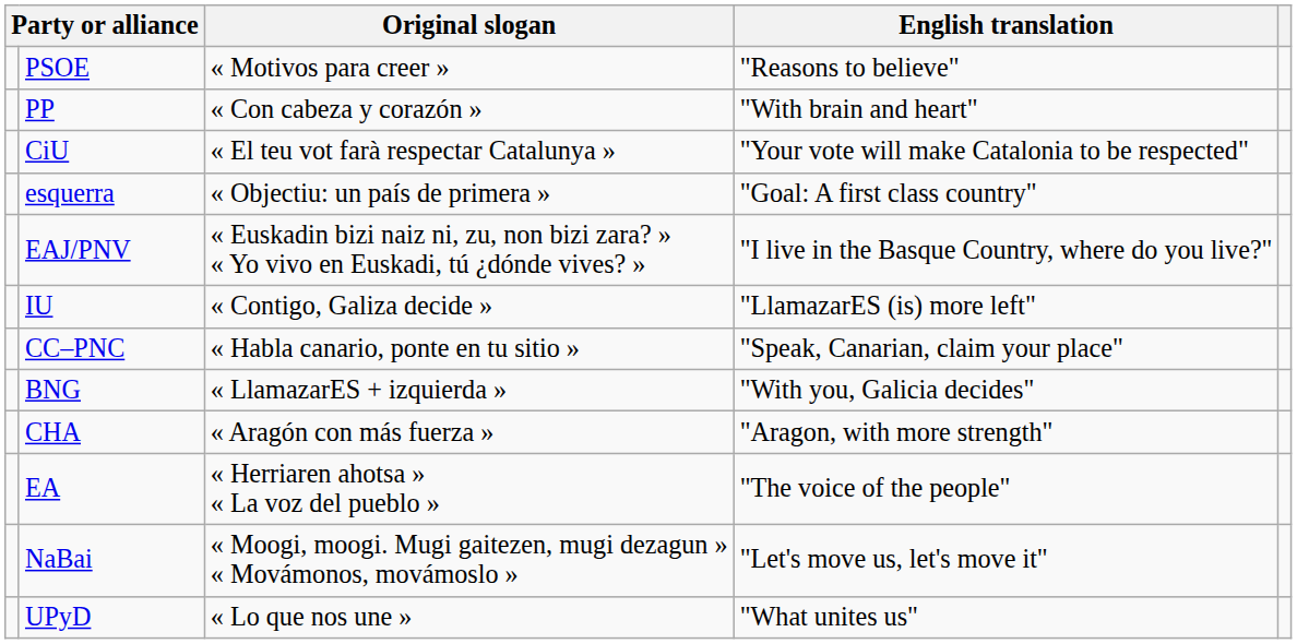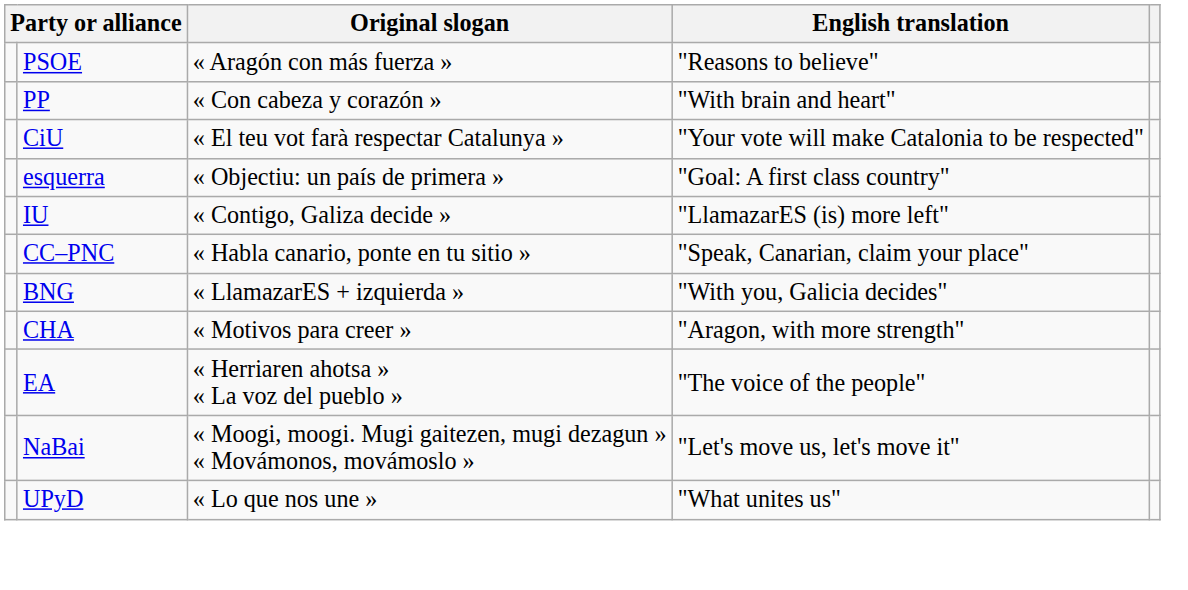 <table class="wikitable" style="text-align:left;">
 <tr>
 <th style="text-align:left;" colspan="2">Party or alliance</th>
 <th>Original slogan</th>
 <th>English translation</th>
 <th></th>
 </tr>
 <tr>
 <td width="1" style="color:inherit;background:"></td>
 <td><a href='#'>PSOE</a></td>
-<td>« Motivos para creer »</td>
+<td>« Aragón con más fuerza »</td>
 <td>"Reasons to believe"</td>
 <td></td>
 </tr>
 <tr>
 <td style="color:inherit;background:"></td>
 <td><a href='#'>PP</a></td>
 <td>« Con cabeza y corazón »</td>
 <td>"With brain and heart"</td>
 <td></td>
 </tr>
 <tr>
 <td style="color:inherit;background:"></td>
 <td><a href='#'>CiU</a></td>
 <td>« El teu vot farà respectar Catalunya »</td>
 <td>"Your vote will make Catalonia to be respected"</td>
 <td></td>
 </tr>
 <tr>
 <td style="color:inherit;background:"></td>
 <td><a href='#'>esquerra</a></td>
 <td>« Objectiu: un país de primera »</td>
 <td>"Goal: A first class country"</td>
 <td></td>
 </tr>
 <tr>
 <td style="color:inherit;background:"></td>
-<td><a href='#'>EAJ/PNV</a></td>
-<td>« Euskadin bizi naiz ni, zu, non bizi zara? »<br>« Yo vivo en Euskadi, tú ¿dónde vives? »</td>
-<td>"I live in the Basque Country, where do you live?"</td>
-<td></td>
-</tr>
-<tr>
-<td style="color:inherit;background:"></td>
 <td><a href='#'>IU</a></td>
 <td>« Contigo, Galiza decide »</td>
 <td>"LlamazarES (is) more left"</td>
 <td></td>
 </tr>
 <tr>
 <td style="color:inherit;background:"></td>
 <td><a href='#'>CC–PNC</a></td>
 <td>« Habla canario, ponte en tu sitio »</td>
 <td>"Speak, Canarian, claim your place"</td>
 <td></td>
 </tr>
 <tr>
 <td style="color:inherit;background:"></td>
 <td><a href='#'>BNG</a></td>
 <td>« LlamazarES + izquierda »</td>
 <td>"With you, Galicia decides"</td>
 <td></td>
 </tr>
 <tr>
 <td style="color:inherit;background:"></td>
 <td><a href='#'>CHA</a></td>
-<td>« Aragón con más fuerza »</td>
+<td>« Motivos para creer »</td>
 <td>"Aragon, with more strength"</td>
 <td></td>
 </tr>
 <tr>
 <td style="color:inherit;background:"></td>
 <td><a href='#'>EA</a></td>
 <td>« Herriaren ahotsa »<br>« La voz del pueblo »</td>
 <td>"The voice of the people"</td>
 <td></td>
 </tr>
 <tr>
 <td style="color:inherit;background:"></td>
 <td><a href='#'>NaBai</a></td>
 <td>« Moogi, moogi. Mugi gaitezen, mugi dezagun »<br>« Movámonos, movámoslo »</td>
 <td>"Let's move us, let's move it"</td>
 <td></td>
 </tr>
 <tr>
 <td style="color:inherit;background:"></td>
 <td><a href='#'>UPyD</a></td>
 <td>« Lo que nos une »</td>
 <td>"What unites us"</td>
 <td></td>
 </tr>
 </table>
